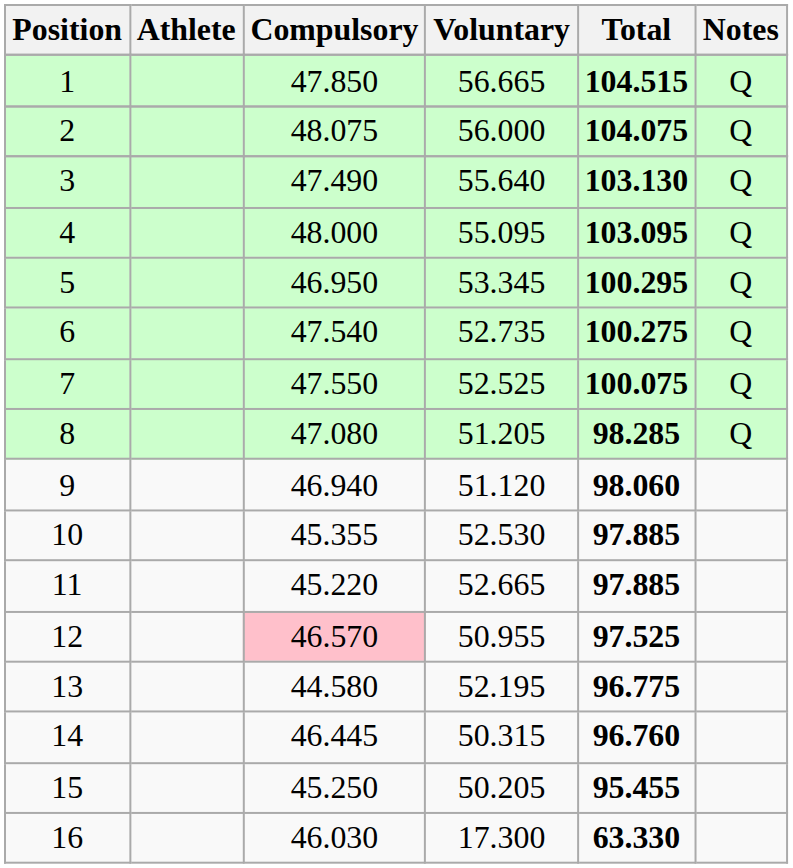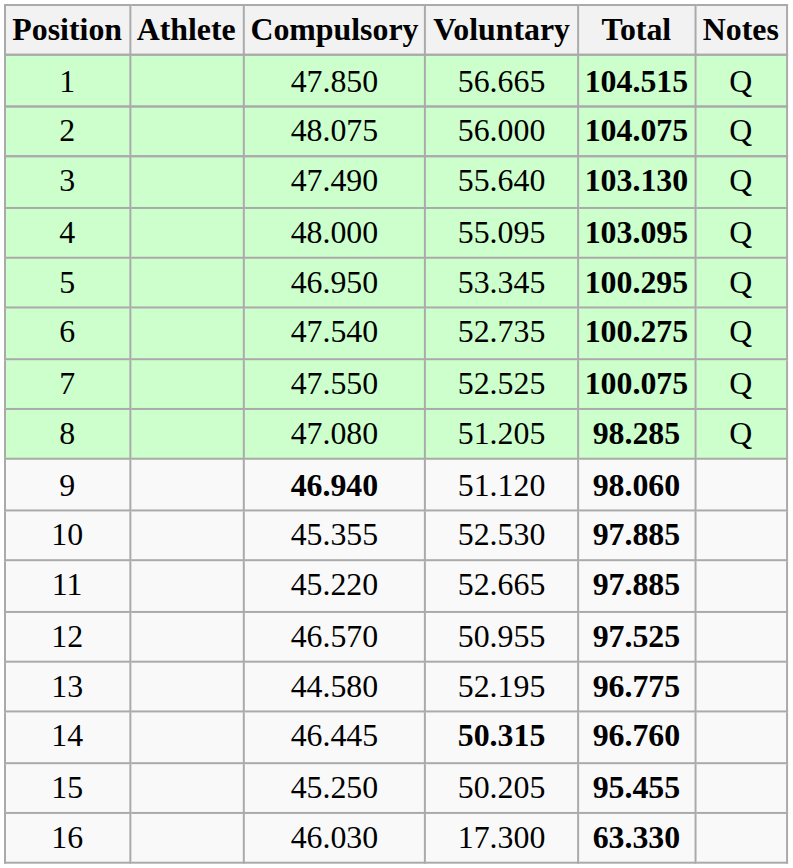 <table class="wikitable sortable" style="text-align:center;">
 <tr>
 <th>Position</th>
 <th>Athlete</th>
 <th>Compulsory</th>
 <th>Voluntary</th>
 <th>Total</th>
 <th>Notes</th>
 </tr>
 <tr>
 </tr>
 <tr bgcolor=ccffcc>
 <td>1</td>
 <td align=left></td>
 <td>47.850</td>
 <td>56.665</td>
 <td><strong>104.515</strong></td>
 <td>Q</td>
 </tr>
 <tr>
 </tr>
 <tr bgcolor=ccffcc>
 <td>2</td>
 <td align=left></td>
 <td>48.075</td>
 <td>56.000</td>
 <td><strong>104.075</strong></td>
 <td>Q</td>
 </tr>
 <tr>
 </tr>
 <tr bgcolor=ccffcc>
 <td>3</td>
 <td align="left"></td>
 <td>47.490</td>
 <td>55.640</td>
 <td><strong>103.130</strong></td>
 <td>Q</td>
 </tr>
 <tr bgcolor=ccffcc>
 <td>4</td>
 <td align="left"></td>
 <td>48.000</td>
 <td>55.095</td>
 <td><strong>103.095</strong></td>
 <td>Q</td>
 </tr>
 <tr bgcolor=ccffcc>
 <td>5</td>
 <td align="left"></td>
 <td>46.950</td>
 <td>53.345</td>
 <td><strong>100.295</strong></td>
 <td>Q</td>
 </tr>
 <tr bgcolor=ccffcc>
 <td>6</td>
 <td align=left></td>
 <td>47.540</td>
 <td>52.735</td>
 <td><strong>100.275</strong></td>
 <td>Q</td>
 </tr>
 <tr bgcolor=ccffcc>
 <td>7</td>
 <td align="left"></td>
 <td>47.550</td>
 <td>52.525</td>
 <td><strong>100.075</strong></td>
 <td>Q</td>
 </tr>
 <tr bgcolor=ccffcc>
 <td>8</td>
 <td align="left"></td>
 <td>47.080</td>
 <td>51.205</td>
 <td><strong>98.285</strong></td>
 <td>Q</td>
 </tr>
 <tr>
 <td>9</td>
 <td align="left"></td>
-<td>46.940</td>
+<td><strong>46.940</strong></td>
 <td>51.120</td>
 <td><strong>98.060</strong></td>
 <td></td>
 </tr>
 <tr>
 <td>10</td>
 <td align="left"></td>
 <td>45.355</td>
 <td>52.530</td>
 <td><strong>97.885</strong></td>
 <td></td>
 </tr>
 <tr>
 <td>11</td>
 <td align="left"></td>
 <td>45.220</td>
 <td>52.665</td>
 <td><strong>97.885</strong></td>
 <td></td>
 </tr>
 <tr>
 <td>12</td>
 <td align="left"></td>
-<td style="background: pink;">46.570</td>
+<td>46.570</td>
 <td>50.955</td>
 <td><strong>97.525</strong></td>
 <td></td>
 </tr>
 <tr>
 <td>13</td>
 <td align=left></td>
 <td>44.580</td>
 <td>52.195</td>
 <td><strong>96.775</strong></td>
 <td></td>
 </tr>
 <tr>
 <td>14</td>
 <td align=left></td>
 <td>46.445</td>
-<td>50.315</td>
+<td><strong>50.315</strong></td>
 <td><strong>96.760</strong></td>
 <td></td>
 </tr>
 <tr>
 <td>15</td>
 <td align=left></td>
 <td>45.250</td>
 <td>50.205</td>
 <td><strong>95.455</strong></td>
 <td></td>
 </tr>
 <tr>
 <td>16</td>
 <td align="left"></td>
 <td>46.030</td>
 <td>17.300</td>
 <td><strong>63.330</strong></td>
 <td></td>
 </tr>
 </table>
